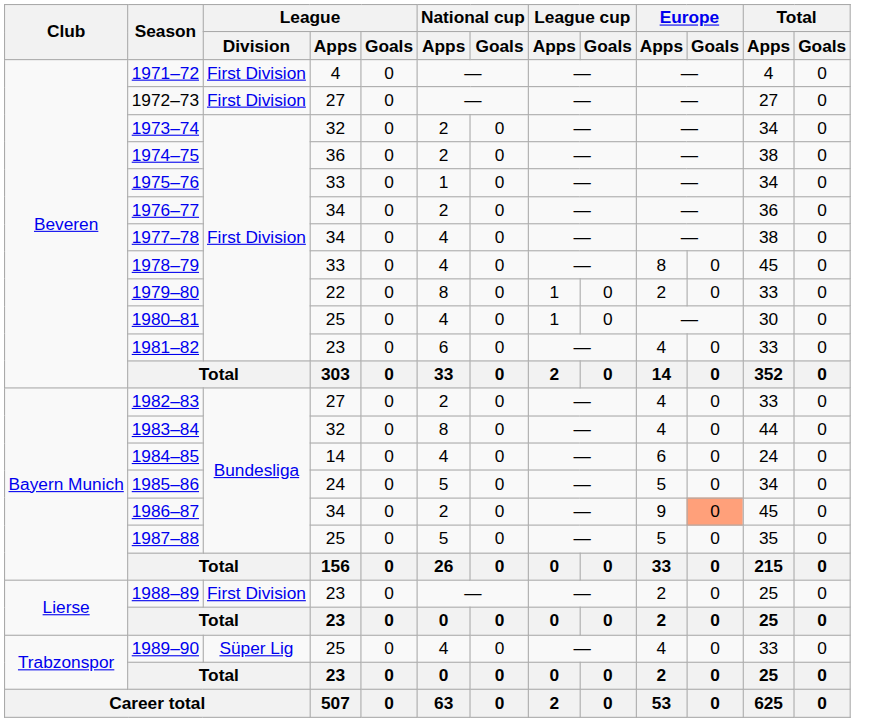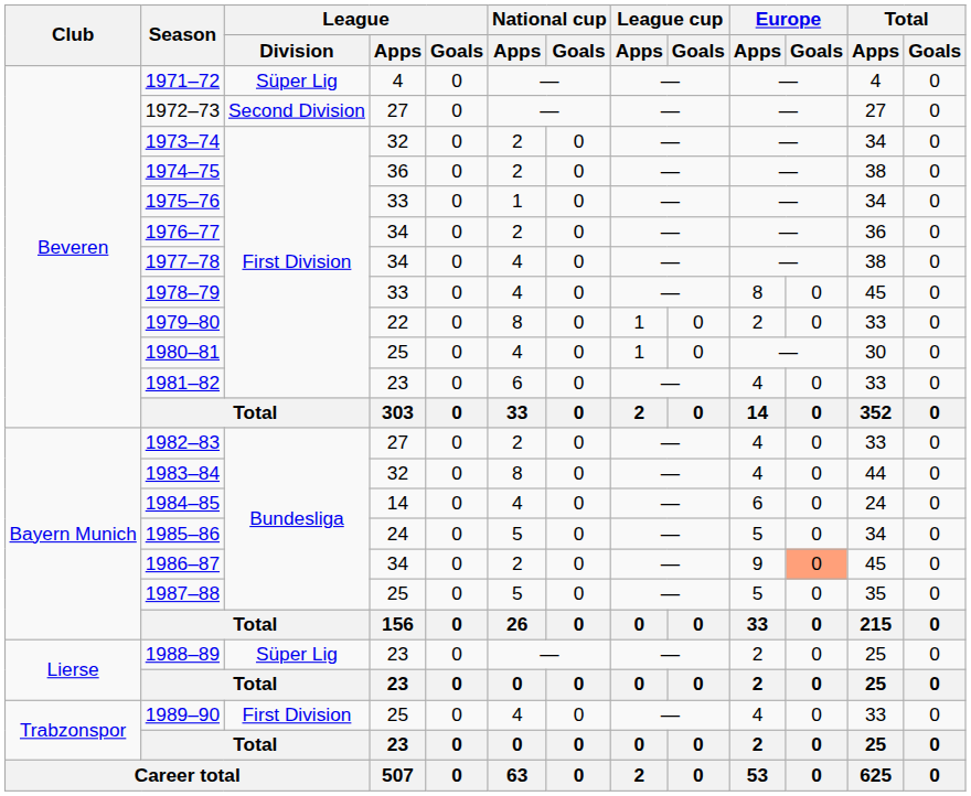 <table class="wikitable" style="text-align:center">
 <tr>
 <th rowspan="2">Club</th>
 <th rowspan="2">Season</th>
 <th colspan="3">League</th>
 <th colspan="2">National cup</th>
 <th colspan="2">League cup</th>
 <th colspan="2"><a href='#'>Europe</a></th>
 <th colspan="2">Total</th>
 </tr>
 <tr>
 <th>Division</th>
 <th>Apps</th>
 <th>Goals</th>
 <th>Apps</th>
 <th>Goals</th>
 <th>Apps</th>
 <th>Goals</th>
 <th>Apps</th>
 <th>Goals</th>
 <th>Apps</th>
 <th>Goals</th>
 </tr>
 <tr>
 <td rowspan="12"><a href='#'>Beveren</a></td>
 <td><a href='#'>1971–72</a></td>
-<td><a href='#'>First Division</a></td>
+<td><a href='#'>Süper Lig</a></td>
 <td>4</td>
 <td>0</td>
 <td colspan="2">—</td>
 <td colspan="2">—</td>
 <td colspan="2">—</td>
 <td>4</td>
 <td>0</td>
 </tr>
 <tr>
 <td>1972–73</td>
-<td><a href='#'>First Division</a></td>
+<td><a href='#'>Second Division</a></td>
 <td>27</td>
 <td>0</td>
 <td colspan="2">—</td>
 <td colspan="2">—</td>
 <td colspan="2">—</td>
 <td>27</td>
 <td>0</td>
 </tr>
 <tr>
 <td><a href='#'>1973–74</a></td>
 <td rowspan="9"><a href='#'>First Division</a></td>
 <td>32</td>
 <td>0</td>
 <td>2</td>
 <td>0</td>
 <td colspan="2">—</td>
 <td colspan="2">—</td>
 <td>34</td>
 <td>0</td>
 </tr>
 <tr>
 <td><a href='#'>1974–75</a></td>
 <td>36</td>
 <td>0</td>
 <td>2</td>
 <td>0</td>
 <td colspan="2">—</td>
 <td colspan="2">—</td>
 <td>38</td>
 <td>0</td>
 </tr>
 <tr>
 <td><a href='#'>1975–76</a></td>
 <td>33</td>
 <td>0</td>
 <td>1</td>
 <td>0</td>
 <td colspan="2">—</td>
 <td colspan="2">—</td>
 <td>34</td>
 <td>0</td>
 </tr>
 <tr>
 <td><a href='#'>1976–77</a></td>
 <td>34</td>
 <td>0</td>
 <td>2</td>
 <td>0</td>
 <td colspan="2">—</td>
 <td colspan="2">—</td>
 <td>36</td>
 <td>0</td>
 </tr>
 <tr>
 <td><a href='#'>1977–78</a></td>
 <td>34</td>
 <td>0</td>
 <td>4</td>
 <td>0</td>
 <td colspan="2">—</td>
 <td colspan="2">—</td>
 <td>38</td>
 <td>0</td>
 </tr>
 <tr>
 <td><a href='#'>1978–79</a></td>
 <td>33</td>
 <td>0</td>
 <td>4</td>
 <td>0</td>
 <td colspan="2">—</td>
 <td>8</td>
 <td>0</td>
 <td>45</td>
 <td>0</td>
 </tr>
 <tr>
 <td><a href='#'>1979–80</a></td>
 <td>22</td>
 <td>0</td>
 <td>8</td>
 <td>0</td>
 <td>1</td>
 <td>0</td>
 <td>2</td>
 <td>0</td>
 <td>33</td>
 <td>0</td>
 </tr>
 <tr>
 <td><a href='#'>1980–81</a></td>
 <td>25</td>
 <td>0</td>
 <td>4</td>
 <td>0</td>
 <td>1</td>
 <td>0</td>
 <td colspan="2">—</td>
 <td>30</td>
 <td>0</td>
 </tr>
 <tr>
 <td><a href='#'>1981–82</a></td>
 <td>23</td>
 <td>0</td>
 <td>6</td>
 <td>0</td>
 <td colspan="2">—</td>
 <td>4</td>
 <td>0</td>
 <td>33</td>
 <td>0</td>
 </tr>
 <tr>
 <th colspan="2">Total</th>
 <th>303</th>
 <th>0</th>
 <th>33</th>
 <th>0</th>
 <th>2</th>
 <th>0</th>
 <th>14</th>
 <th>0</th>
 <th>352</th>
 <th>0</th>
 </tr>
 <tr>
 <td rowspan="7"><a href='#'>Bayern Munich</a></td>
 <td><a href='#'>1982–83</a></td>
 <td rowspan="6"><a href='#'>Bundesliga</a></td>
 <td>27</td>
 <td>0</td>
 <td>2</td>
 <td>0</td>
 <td colspan="2">—</td>
 <td>4</td>
 <td>0</td>
 <td>33</td>
 <td>0</td>
 </tr>
 <tr>
 <td><a href='#'>1983–84</a></td>
 <td>32</td>
 <td>0</td>
 <td>8</td>
 <td>0</td>
 <td colspan="2">—</td>
 <td>4</td>
 <td>0</td>
 <td>44</td>
 <td>0</td>
 </tr>
 <tr>
 <td><a href='#'>1984–85</a></td>
 <td>14</td>
 <td>0</td>
 <td>4</td>
 <td>0</td>
 <td colspan="2">—</td>
 <td>6</td>
 <td>0</td>
 <td>24</td>
 <td>0</td>
 </tr>
 <tr>
 <td><a href='#'>1985–86</a></td>
 <td>24</td>
 <td>0</td>
 <td>5</td>
 <td>0</td>
 <td colspan="2">—</td>
 <td>5</td>
 <td>0</td>
 <td>34</td>
 <td>0</td>
 </tr>
 <tr>
 <td><a href='#'>1986–87</a></td>
 <td>34</td>
 <td>0</td>
 <td>2</td>
 <td>0</td>
 <td colspan="2">—</td>
 <td>9</td>
 <td style="background: lightsalmon;">0</td>
 <td>45</td>
 <td>0</td>
 </tr>
 <tr>
 <td><a href='#'>1987–88</a></td>
 <td>25</td>
 <td>0</td>
 <td>5</td>
 <td>0</td>
 <td colspan="2">—</td>
 <td>5</td>
 <td>0</td>
 <td>35</td>
 <td>0</td>
 </tr>
 <tr>
 <th colspan="2">Total</th>
 <th>156</th>
 <th>0</th>
 <th>26</th>
 <th>0</th>
 <th>0</th>
 <th>0</th>
 <th>33</th>
 <th>0</th>
 <th>215</th>
 <th>0</th>
 </tr>
 <tr>
 <td rowspan="2"><a href='#'>Lierse</a></td>
 <td><a href='#'>1988–89</a></td>
-<td><a href='#'>First Division</a></td>
+<td><a href='#'>Süper Lig</a></td>
 <td>23</td>
 <td>0</td>
 <td colspan="2">—</td>
 <td colspan="2">—</td>
 <td>2</td>
 <td>0</td>
 <td>25</td>
 <td>0</td>
 </tr>
 <tr>
 <th colspan="2">Total</th>
 <th>23</th>
 <th>0</th>
 <th>0</th>
 <th>0</th>
 <th>0</th>
 <th>0</th>
 <th>2</th>
 <th>0</th>
 <th>25</th>
 <th>0</th>
 </tr>
 <tr>
 <td rowspan="2"><a href='#'>Trabzonspor</a></td>
 <td><a href='#'>1989–90</a></td>
-<td><a href='#'>Süper Lig</a></td>
+<td><a href='#'>First Division</a></td>
 <td>25</td>
 <td>0</td>
 <td>4</td>
 <td>0</td>
 <td colspan="2">—</td>
 <td>4</td>
 <td>0</td>
 <td>33</td>
 <td>0</td>
 </tr>
 <tr>
 <th colspan="2">Total</th>
 <th>23</th>
 <th>0</th>
 <th>0</th>
 <th>0</th>
 <th>0</th>
 <th>0</th>
 <th>2</th>
 <th>0</th>
 <th>25</th>
 <th>0</th>
 </tr>
 <tr>
 <th colspan="3">Career total</th>
 <th>507</th>
 <th>0</th>
 <th>63</th>
 <th>0</th>
 <th>2</th>
 <th>0</th>
 <th>53</th>
 <th>0</th>
 <th>625</th>
 <th>0</th>
 </tr>
 </table>
